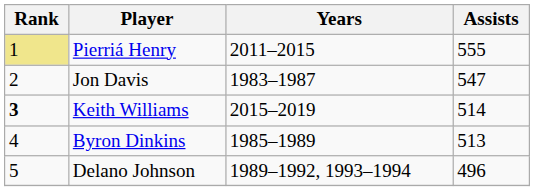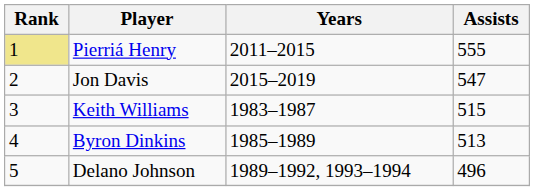 <table class="wikitable sortable" style="width: 50%">
 <tr>
 <th>Rank</th>
 <th>Player</th>
 <th>Years</th>
 <th>Assists</th>
 </tr>
 <tr>
 <td style="background: khaki;">1</td>
 <td><a href='#'>Pierriá Henry</a></td>
 <td>2011–2015</td>
 <td>555</td>
 </tr>
 <tr>
 <td>2</td>
 <td>Jon Davis</td>
-<td>1983–1987</td>
+<td>2015–2019</td>
 <td>547</td>
 </tr>
 <tr>
-<td><strong>3</strong></td>
+<td>3</td>
 <td><a href='#'>Keith Williams</a></td>
-<td>2015–2019</td>
-<td>514</td>
+<td>1983–1987</td>
+<td>515</td>
 </tr>
 <tr>
 <td>4</td>
 <td><a href='#'>Byron Dinkins</a></td>
 <td>1985–1989</td>
 <td>513</td>
 </tr>
 <tr>
 <td>5</td>
 <td>Delano Johnson</td>
 <td>1989–1992, 1993–1994</td>
 <td>496</td>
 </tr>
 <tr>
 </tr>
 </table>
